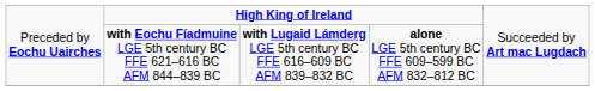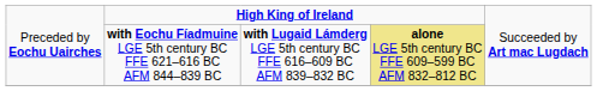 <table class="wikitable" style="text-align: center; margin: 1em auto 1em auto">
 <tr>
 <td rowspan="2">Preceded by<br><strong><a href='#'>Eochu Uairches</a></strong></td>
 <td colspan="3"><strong><a href='#'>High King of Ireland</a></strong></td>
 <td rowspan="2">Succeeded by<br><strong><a href='#'>Art mac Lugdach</a></strong></td>
 </tr>
 <tr>
 <td><strong>with <a href='#'>Eochu Fíadmuine</a></strong><br><a href='#'>LGE</a> 5th century BC<br><a href='#'>FFE</a> 621–616 BC<br><a href='#'>AFM</a> 844–839 BC</td>
 <td><strong>with <a href='#'>Lugaid Lámderg</a></strong><br><a href='#'>LGE</a> 5th century BC<br><a href='#'>FFE</a> 616–609 BC<br><a href='#'>AFM</a> 839–832 BC</td>
-<td><strong>alone</strong><br><a href='#'>LGE</a> 5th century BC<br><a href='#'>FFE</a> 609–599 BC<br><a href='#'>AFM</a> 832–812 BC</td>
+<td style="background: khaki;"><strong>alone</strong><br><a href='#'>LGE</a> 5th century BC<br><a href='#'>FFE</a> 609–599 BC<br><a href='#'>AFM</a> 832–812 BC</td>
 </tr>
 <tr>
 </tr>
 </table>
